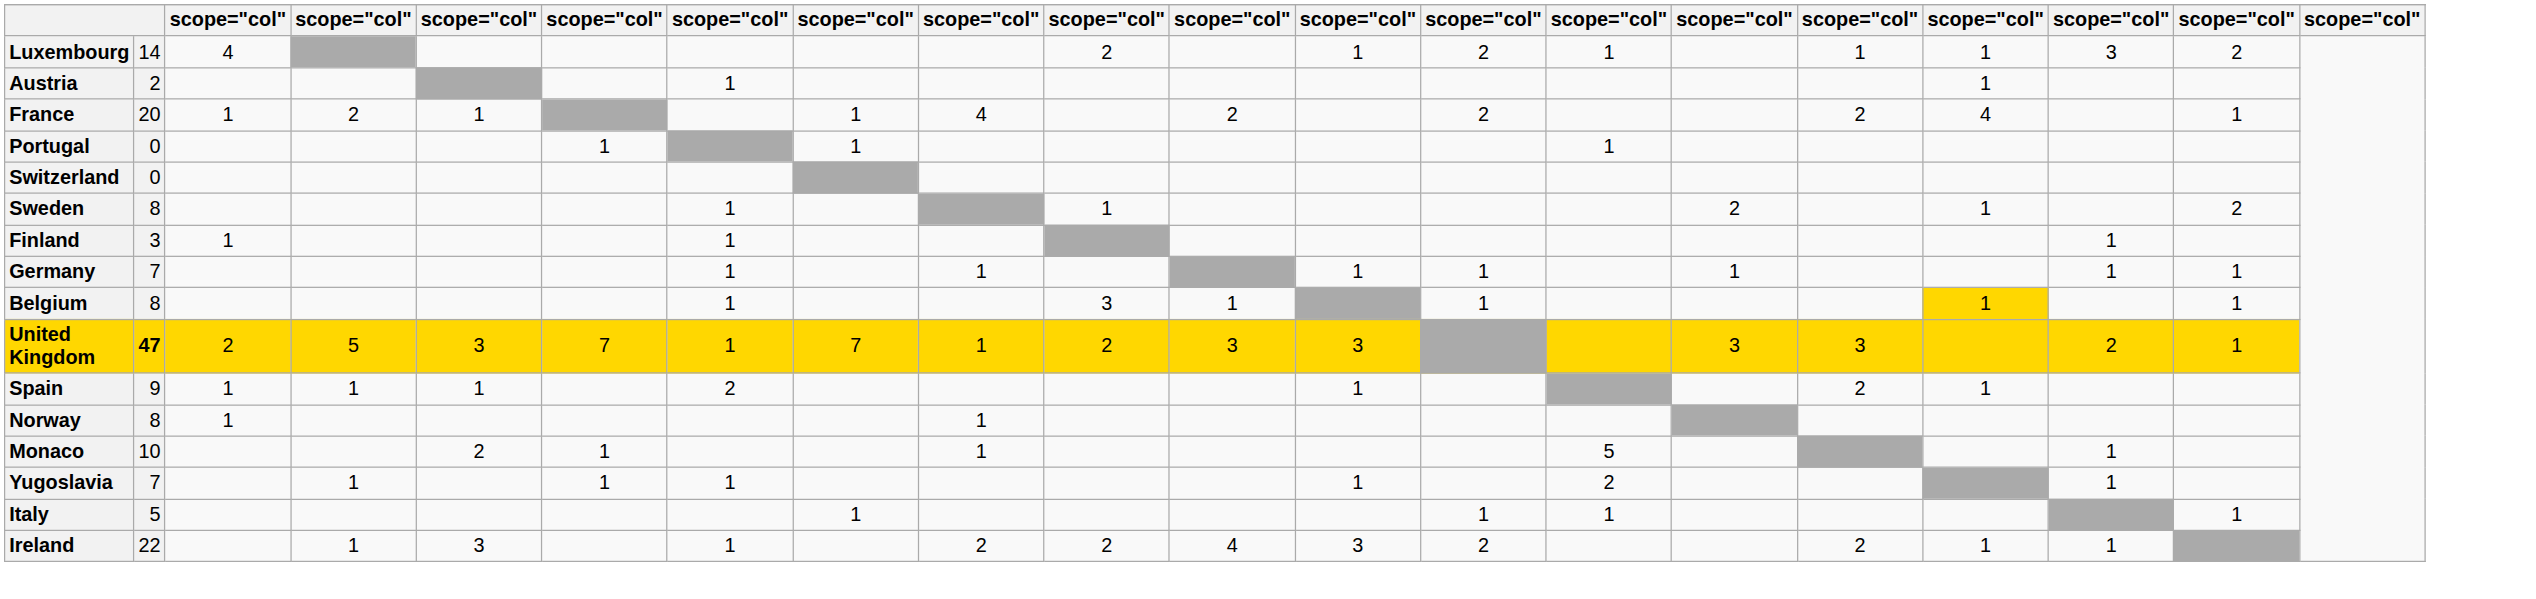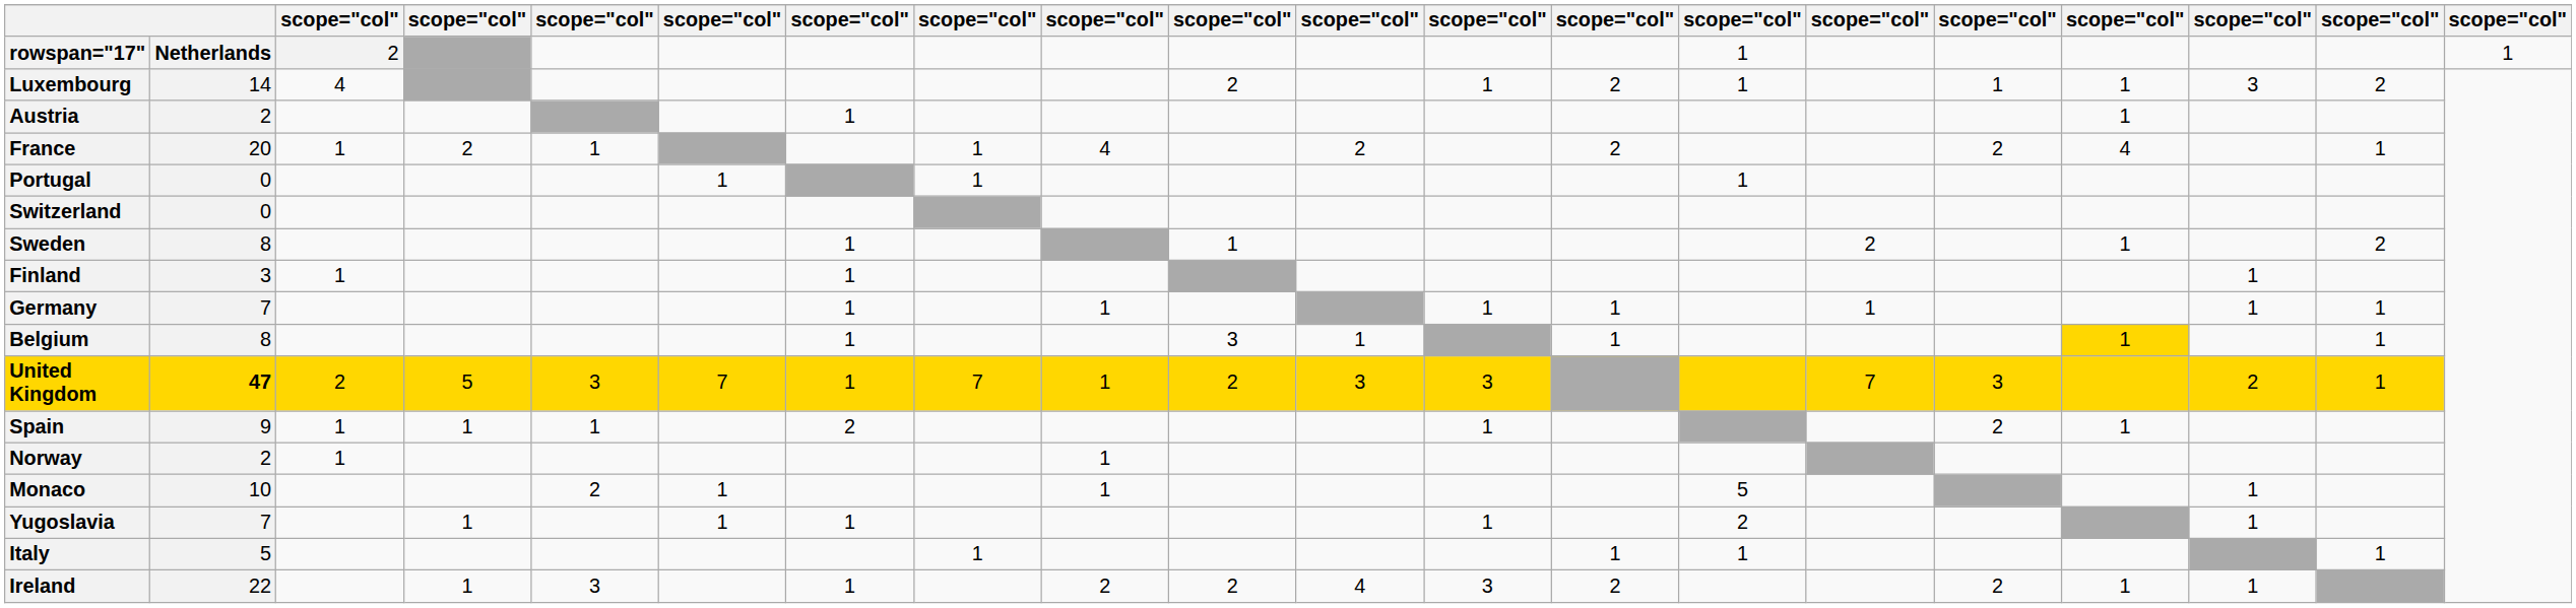 <table class="wikitable plainrowheaders" style="text-align:center;">
 <tr>
 </tr>
 <tr>
 <th colspan="2"></th>
 <th>scope="col" </th>
 <th>scope="col" </th>
 <th>scope="col" </th>
 <th>scope="col" </th>
 <th>scope="col" </th>
 <th>scope="col" </th>
 <th>scope="col" </th>
 <th>scope="col" </th>
 <th>scope="col" </th>
 <th>scope="col" </th>
 <th>scope="col" </th>
 <th>scope="col" </th>
 <th>scope="col" </th>
 <th>scope="col" </th>
 <th>scope="col" </th>
 <th>scope="col" </th>
 <th>scope="col" </th>
 <th>scope="col" </th>
+</tr>
+<tr>
+<th>rowspan="17" </th>
+<th scope="row" style="text-align:left; background:#f2f2f2;">Netherlands</th>
+<td style="text-align:right; background:#f2f2f2;">2</td>
+<td style="text-align:left; background:#aaa;"></td>
+<td></td>
+<td></td>
+<td></td>
+<td></td>
+<td></td>
+<td></td>
+<td></td>
+<td></td>
+<td></td>
+<td>1</td>
+<td></td>
+<td></td>
+<td></td>
+<td></td>
+<td></td>
+<td>1</td>
 </tr>
 <tr>
 <th scope="row" style="text-align:left; background:#f2f2f2;">Luxembourg</th>
 <td style="text-align:right; background:#f2f2f2;">14</td>
 <td>4</td>
 <td style="text-align:left; background:#aaa;"></td>
 <td></td>
 <td></td>
 <td></td>
 <td></td>
 <td></td>
 <td>2</td>
 <td></td>
 <td>1</td>
 <td>2</td>
 <td>1</td>
 <td></td>
 <td>1</td>
 <td>1</td>
 <td>3</td>
 <td>2</td>
 </tr>
 <tr>
 <th scope="row" style="text-align:left; background:#f2f2f2;">Austria</th>
 <td style="text-align:right; background:#f2f2f2;">2</td>
 <td></td>
 <td></td>
 <td style="text-align:left; background:#aaa;"></td>
 <td></td>
 <td>1</td>
 <td></td>
 <td></td>
 <td></td>
 <td></td>
 <td></td>
 <td></td>
 <td></td>
 <td></td>
 <td></td>
 <td>1</td>
 <td></td>
 <td></td>
 </tr>
 <tr>
 <th scope="row" style="text-align:left; background:#f2f2f2;">France</th>
 <td style="text-align:right; background:#f2f2f2;">20</td>
 <td>1</td>
 <td>2</td>
 <td>1</td>
 <td style="text-align:left; background:#aaa;"></td>
 <td></td>
 <td>1</td>
 <td>4</td>
 <td></td>
 <td>2</td>
 <td></td>
 <td>2</td>
 <td></td>
 <td></td>
 <td>2</td>
 <td>4</td>
 <td></td>
 <td>1</td>
 </tr>
 <tr>
 <th scope="row" style="text-align:left; background:#f2f2f2;">Portugal</th>
 <td style="text-align:right; background:#f2f2f2;">0</td>
 <td></td>
 <td></td>
 <td></td>
 <td>1</td>
 <td style="text-align:left; background:#aaa;"></td>
 <td>1</td>
 <td></td>
 <td></td>
 <td></td>
 <td></td>
 <td></td>
 <td>1</td>
 <td></td>
 <td></td>
 <td></td>
 <td></td>
 <td></td>
 </tr>
 <tr>
 <th scope="row" style="text-align:left; background:#f2f2f2;">Switzerland</th>
 <td style="text-align:right; background:#f2f2f2;">0</td>
 <td></td>
 <td></td>
 <td></td>
 <td></td>
 <td></td>
 <td style="text-align:left; background:#aaa;"></td>
 <td></td>
 <td></td>
 <td></td>
 <td></td>
 <td></td>
 <td></td>
 <td></td>
 <td></td>
 <td></td>
 <td></td>
 <td></td>
 </tr>
 <tr>
 <th scope="row" style="text-align:left; background:#f2f2f2;">Sweden</th>
 <td style="text-align:right; background:#f2f2f2;">8</td>
 <td></td>
 <td></td>
 <td></td>
 <td></td>
 <td>1</td>
 <td></td>
 <td style="text-align:left; background:#aaa;"></td>
 <td>1</td>
 <td></td>
 <td></td>
 <td></td>
 <td></td>
 <td>2</td>
 <td></td>
 <td>1</td>
 <td></td>
 <td>2</td>
 </tr>
 <tr>
 <th scope="row" style="text-align:left; background:#f2f2f2;">Finland</th>
 <td style="text-align:right; background:#f2f2f2;">3</td>
 <td>1</td>
 <td></td>
 <td></td>
 <td></td>
 <td>1</td>
 <td></td>
 <td></td>
 <td style="text-align:left; background:#aaa;"></td>
 <td></td>
 <td></td>
 <td></td>
 <td></td>
 <td></td>
 <td></td>
 <td></td>
 <td>1</td>
 <td></td>
 </tr>
 <tr>
 <th scope="row" style="text-align:left; background:#f2f2f2;">Germany</th>
 <td style="text-align:right; background:#f2f2f2;">7</td>
 <td></td>
 <td></td>
 <td></td>
 <td></td>
 <td>1</td>
 <td></td>
 <td>1</td>
 <td></td>
 <td style="text-align:left; background:#aaa;"></td>
 <td>1</td>
 <td>1</td>
 <td></td>
 <td>1</td>
 <td></td>
 <td></td>
 <td>1</td>
 <td>1</td>
 </tr>
 <tr>
 <th scope="row" style="text-align:left; background:#f2f2f2;">Belgium</th>
 <td style="text-align:right; background:#f2f2f2;">8</td>
 <td></td>
 <td></td>
 <td></td>
 <td></td>
 <td>1</td>
 <td></td>
 <td></td>
 <td>3</td>
 <td>1</td>
 <td style="text-align:left; background:#aaa;"></td>
 <td>1</td>
 <td></td>
 <td></td>
 <td></td>
 <td style="background: gold;">1</td>
 <td></td>
 <td>1</td>
 </tr>
 <tr style="background:gold;">
 <th scope="row" style="text-align:left; font-weight:bold; background:gold;">United Kingdom</th>
 <td style="text-align:right; font-weight:bold;">47</td>
 <td>2</td>
 <td>5</td>
 <td>3</td>
 <td>7</td>
 <td>1</td>
 <td>7</td>
 <td>1</td>
 <td>2</td>
 <td>3</td>
 <td>3</td>
 <td style="text-align:left; background:#aaa;"></td>
 <td></td>
-<td>3</td>
+<td>7</td>
 <td>3</td>
 <td></td>
 <td>2</td>
 <td>1</td>
 </tr>
 <tr>
 <th scope="row" style="text-align:left; background:#f2f2f2;">Spain</th>
 <td style="text-align:right; background:#f2f2f2;">9</td>
 <td>1</td>
 <td>1</td>
 <td>1</td>
 <td></td>
 <td>2</td>
 <td></td>
 <td></td>
 <td></td>
 <td></td>
 <td>1</td>
 <td></td>
 <td style="text-align:left; background:#aaa;"></td>
 <td></td>
 <td>2</td>
 <td>1</td>
 <td></td>
 <td></td>
 </tr>
 <tr>
 <th scope="row" style="text-align:left; background:#f2f2f2;">Norway</th>
-<td style="text-align:right; background:#f2f2f2;">8</td>
+<td style="text-align:right; background:#f2f2f2;">2</td>
 <td>1</td>
 <td></td>
 <td></td>
 <td></td>
 <td></td>
 <td></td>
 <td>1</td>
 <td></td>
 <td></td>
 <td></td>
 <td></td>
 <td></td>
 <td style="text-align:left; background:#aaa;"></td>
 <td></td>
 <td></td>
 <td></td>
 <td></td>
 </tr>
 <tr>
 <th scope="row" style="text-align:left; background:#f2f2f2;">Monaco</th>
 <td style="text-align:right; background:#f2f2f2;">10</td>
 <td></td>
 <td></td>
 <td>2</td>
 <td>1</td>
 <td></td>
 <td></td>
 <td>1</td>
 <td></td>
 <td></td>
 <td></td>
 <td></td>
 <td>5</td>
 <td></td>
 <td style="text-align:left; background:#aaa;"></td>
 <td></td>
 <td>1</td>
 <td></td>
 </tr>
 <tr>
 <th scope="row" style="text-align:left; background:#f2f2f2;">Yugoslavia</th>
 <td style="text-align:right; background:#f2f2f2;">7</td>
 <td></td>
 <td>1</td>
 <td></td>
 <td>1</td>
 <td>1</td>
 <td></td>
 <td></td>
 <td></td>
 <td></td>
 <td>1</td>
 <td></td>
 <td>2</td>
 <td></td>
 <td></td>
 <td style="text-align:left; background:#aaa;"></td>
 <td>1</td>
 <td></td>
 </tr>
 <tr>
 <th scope="row" style="text-align:left; background:#f2f2f2;">Italy</th>
 <td style="text-align:right; background:#f2f2f2;">5</td>
 <td></td>
 <td></td>
 <td></td>
 <td></td>
 <td></td>
 <td>1</td>
 <td></td>
 <td></td>
 <td></td>
 <td></td>
 <td>1</td>
 <td>1</td>
 <td></td>
 <td></td>
 <td></td>
 <td style="text-align:left; background:#aaa;"></td>
 <td>1</td>
 </tr>
 <tr>
 <th scope="row" style="text-align:left; background:#f2f2f2;">Ireland</th>
 <td style="text-align:right; background:#f2f2f2;">22</td>
 <td></td>
 <td>1</td>
 <td>3</td>
 <td></td>
 <td>1</td>
 <td></td>
 <td>2</td>
 <td>2</td>
 <td>4</td>
 <td>3</td>
 <td>2</td>
 <td></td>
 <td></td>
 <td>2</td>
 <td>1</td>
 <td>1</td>
 <td style="text-align:left; background:#aaa;"></td>
 </tr>
 </table>
